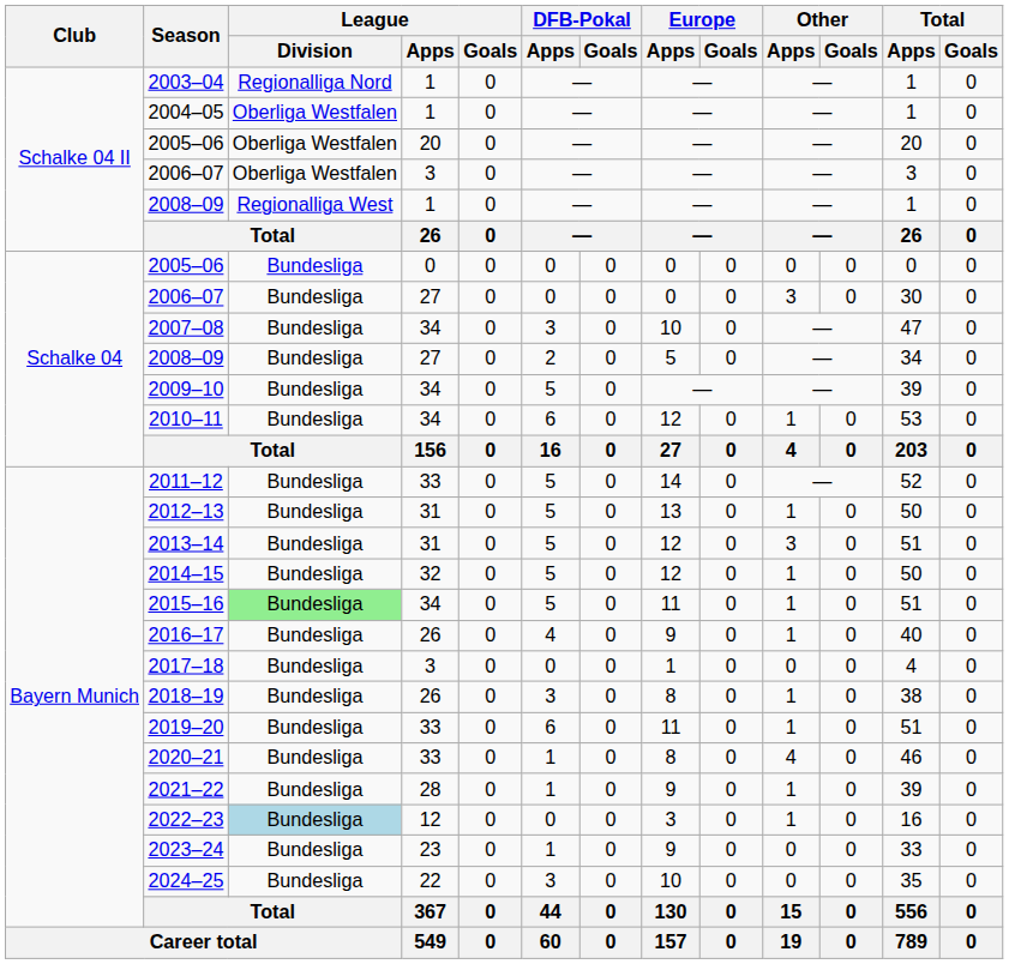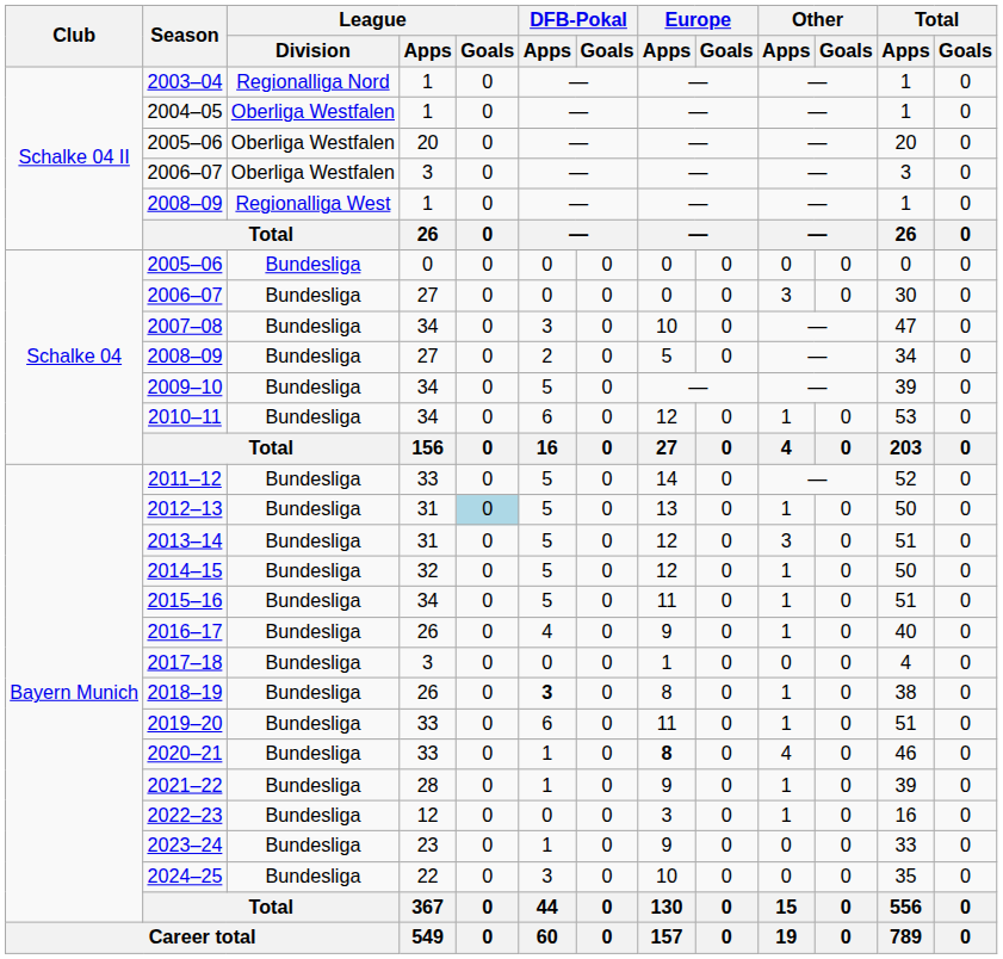 <table class="wikitable" style="text-align: center;">
 <tr>
 <th rowspan="2">Club</th>
 <th rowspan="2">Season</th>
 <th colspan="3">League</th>
 <th colspan="2"><a href='#'>DFB-Pokal</a></th>
 <th colspan="2"><a href='#'>Europe</a></th>
 <th colspan="2">Other</th>
 <th colspan="2">Total</th>
 </tr>
 <tr>
 <th>Division</th>
 <th>Apps</th>
 <th>Goals</th>
 <th>Apps</th>
 <th>Goals</th>
 <th>Apps</th>
 <th>Goals</th>
 <th>Apps</th>
 <th>Goals</th>
 <th>Apps</th>
 <th>Goals</th>
 </tr>
 <tr>
 <td rowspan="6"><a href='#'>Schalke 04 II</a></td>
 <td><a href='#'>2003–04</a></td>
 <td><a href='#'>Regionalliga Nord</a></td>
 <td>1</td>
 <td>0</td>
 <td colspan="2">—</td>
 <td colspan="2">—</td>
 <td colspan="2">—</td>
 <td>1</td>
 <td>0</td>
 </tr>
 <tr>
 <td>2004–05</td>
 <td><a href='#'>Oberliga Westfalen</a></td>
 <td>1</td>
 <td>0</td>
 <td colspan="2">—</td>
 <td colspan="2">—</td>
 <td colspan="2">—</td>
 <td>1</td>
 <td>0</td>
 </tr>
 <tr>
 <td>2005–06</td>
 <td>Oberliga Westfalen</td>
 <td>20</td>
 <td>0</td>
 <td colspan="2">—</td>
 <td colspan="2">—</td>
 <td colspan="2">—</td>
 <td>20</td>
 <td>0</td>
 </tr>
 <tr>
 <td>2006–07</td>
 <td>Oberliga Westfalen</td>
 <td>3</td>
 <td>0</td>
 <td colspan="2">—</td>
 <td colspan="2">—</td>
 <td colspan="2">—</td>
 <td>3</td>
 <td>0</td>
 </tr>
 <tr>
 <td><a href='#'>2008–09</a></td>
 <td><a href='#'>Regionalliga West</a></td>
 <td>1</td>
 <td>0</td>
 <td colspan="2">—</td>
 <td colspan="2">—</td>
 <td colspan="2">—</td>
 <td>1</td>
 <td>0</td>
 </tr>
 <tr>
 <th colspan="2">Total</th>
 <th>26</th>
 <th>0</th>
 <th colspan="2">—</th>
 <th colspan="2">—</th>
 <th colspan="2">—</th>
 <th>26</th>
 <th>0</th>
 </tr>
 <tr>
 <td rowspan="7"><a href='#'>Schalke 04</a></td>
 <td><a href='#'>2005–06</a></td>
 <td><a href='#'>Bundesliga</a></td>
 <td>0</td>
 <td>0</td>
 <td>0</td>
 <td>0</td>
 <td>0</td>
 <td>0</td>
 <td>0</td>
 <td>0</td>
 <td>0</td>
 <td>0</td>
 </tr>
 <tr>
 <td><a href='#'>2006–07</a></td>
 <td>Bundesliga</td>
 <td>27</td>
 <td>0</td>
 <td>0</td>
 <td>0</td>
 <td>0</td>
 <td>0</td>
 <td>3</td>
 <td>0</td>
 <td>30</td>
 <td>0</td>
 </tr>
 <tr>
 <td><a href='#'>2007–08</a></td>
 <td>Bundesliga</td>
 <td>34</td>
 <td>0</td>
 <td>3</td>
 <td>0</td>
 <td>10</td>
 <td>0</td>
 <td colspan="2">—</td>
 <td>47</td>
 <td>0</td>
 </tr>
 <tr>
 <td><a href='#'>2008–09</a></td>
 <td>Bundesliga</td>
 <td>27</td>
 <td>0</td>
 <td>2</td>
 <td>0</td>
 <td>5</td>
 <td>0</td>
 <td colspan="2">—</td>
 <td>34</td>
 <td>0</td>
 </tr>
 <tr>
 <td><a href='#'>2009–10</a></td>
 <td>Bundesliga</td>
 <td>34</td>
 <td>0</td>
 <td>5</td>
 <td>0</td>
 <td colspan="2">—</td>
 <td colspan="2">—</td>
 <td>39</td>
 <td>0</td>
 </tr>
 <tr>
 <td><a href='#'>2010–11</a></td>
 <td>Bundesliga</td>
 <td>34</td>
 <td>0</td>
 <td>6</td>
 <td>0</td>
 <td>12</td>
 <td>0</td>
 <td>1</td>
 <td>0</td>
 <td>53</td>
 <td>0</td>
 </tr>
 <tr>
 <th colspan="2">Total</th>
 <th>156</th>
 <th>0</th>
 <th>16</th>
 <th>0</th>
 <th>27</th>
 <th>0</th>
 <th>4</th>
 <th>0</th>
 <th>203</th>
 <th>0</th>
 </tr>
 <tr>
 <td rowspan="15"><a href='#'>Bayern Munich</a></td>
 <td><a href='#'>2011–12</a></td>
 <td>Bundesliga</td>
 <td>33</td>
 <td>0</td>
 <td>5</td>
 <td>0</td>
 <td>14</td>
 <td>0</td>
 <td colspan="2">—</td>
 <td>52</td>
 <td>0</td>
 </tr>
 <tr>
 <td><a href='#'>2012–13</a></td>
 <td>Bundesliga</td>
 <td>31</td>
-<td>0</td>
+<td style="background: lightblue;">0</td>
 <td>5</td>
 <td>0</td>
 <td>13</td>
 <td>0</td>
 <td>1</td>
 <td>0</td>
 <td>50</td>
 <td>0</td>
 </tr>
 <tr>
 <td><a href='#'>2013–14</a></td>
 <td>Bundesliga</td>
 <td>31</td>
 <td>0</td>
 <td>5</td>
 <td>0</td>
 <td>12</td>
 <td>0</td>
 <td>3</td>
 <td>0</td>
 <td>51</td>
 <td>0</td>
 </tr>
 <tr>
 <td><a href='#'>2014–15</a></td>
 <td>Bundesliga</td>
 <td>32</td>
 <td>0</td>
 <td>5</td>
 <td>0</td>
 <td>12</td>
 <td>0</td>
 <td>1</td>
 <td>0</td>
 <td>50</td>
 <td>0</td>
 </tr>
 <tr>
 <td><a href='#'>2015–16</a></td>
-<td style="background: lightgreen;">Bundesliga</td>
+<td>Bundesliga</td>
 <td>34</td>
 <td>0</td>
 <td>5</td>
 <td>0</td>
 <td>11</td>
 <td>0</td>
 <td>1</td>
 <td>0</td>
 <td>51</td>
 <td>0</td>
 </tr>
 <tr>
 <td><a href='#'>2016–17</a></td>
 <td>Bundesliga</td>
 <td>26</td>
 <td>0</td>
 <td>4</td>
 <td>0</td>
 <td>9</td>
 <td>0</td>
 <td>1</td>
 <td>0</td>
 <td>40</td>
 <td>0</td>
 </tr>
 <tr>
 <td><a href='#'>2017–18</a></td>
 <td>Bundesliga</td>
 <td>3</td>
 <td>0</td>
 <td>0</td>
 <td>0</td>
 <td>1</td>
 <td>0</td>
 <td>0</td>
 <td>0</td>
 <td>4</td>
 <td>0</td>
 </tr>
 <tr>
 <td><a href='#'>2018–19</a></td>
 <td>Bundesliga</td>
 <td>26</td>
 <td>0</td>
-<td>3</td>
+<td><strong>3</strong></td>
 <td>0</td>
 <td>8</td>
 <td>0</td>
 <td>1</td>
 <td>0</td>
 <td>38</td>
 <td>0</td>
 </tr>
 <tr>
 <td><a href='#'>2019–20</a></td>
 <td>Bundesliga</td>
 <td>33</td>
 <td>0</td>
 <td>6</td>
 <td>0</td>
 <td>11</td>
 <td>0</td>
 <td>1</td>
 <td>0</td>
 <td>51</td>
 <td>0</td>
 </tr>
 <tr>
 <td><a href='#'>2020–21</a></td>
 <td>Bundesliga</td>
 <td>33</td>
 <td>0</td>
 <td>1</td>
 <td>0</td>
-<td>8</td>
+<td><strong>8</strong></td>
 <td>0</td>
 <td>4</td>
 <td>0</td>
 <td>46</td>
 <td>0</td>
 </tr>
 <tr>
 <td><a href='#'>2021–22</a></td>
 <td>Bundesliga</td>
 <td>28</td>
 <td>0</td>
 <td>1</td>
 <td>0</td>
 <td>9</td>
 <td>0</td>
 <td>1</td>
 <td>0</td>
 <td>39</td>
 <td>0</td>
 </tr>
 <tr>
 <td><a href='#'>2022–23</a></td>
-<td style="background: lightblue;">Bundesliga</td>
+<td>Bundesliga</td>
 <td>12</td>
 <td>0</td>
 <td>0</td>
 <td>0</td>
 <td>3</td>
 <td>0</td>
 <td>1</td>
 <td>0</td>
 <td>16</td>
 <td>0</td>
 </tr>
 <tr>
 <td><a href='#'>2023–24</a></td>
 <td>Bundesliga</td>
 <td>23</td>
 <td>0</td>
 <td>1</td>
 <td>0</td>
 <td>9</td>
 <td>0</td>
 <td>0</td>
 <td>0</td>
 <td>33</td>
 <td>0</td>
 </tr>
 <tr>
 <td><a href='#'>2024–25</a></td>
 <td>Bundesliga</td>
 <td>22</td>
 <td>0</td>
 <td>3</td>
 <td>0</td>
 <td>10</td>
 <td>0</td>
 <td>0</td>
 <td>0</td>
 <td>35</td>
 <td>0</td>
 </tr>
 <tr>
 <th colspan="2">Total</th>
 <th>367</th>
 <th>0</th>
 <th>44</th>
 <th>0</th>
 <th>130</th>
 <th>0</th>
 <th>15</th>
 <th>0</th>
 <th>556</th>
 <th>0</th>
 </tr>
 <tr>
 <th colspan="3">Career total</th>
 <th>549</th>
 <th>0</th>
 <th>60</th>
 <th>0</th>
 <th>157</th>
 <th>0</th>
 <th>19</th>
 <th>0</th>
 <th>789</th>
 <th>0</th>
 </tr>
 </table>
